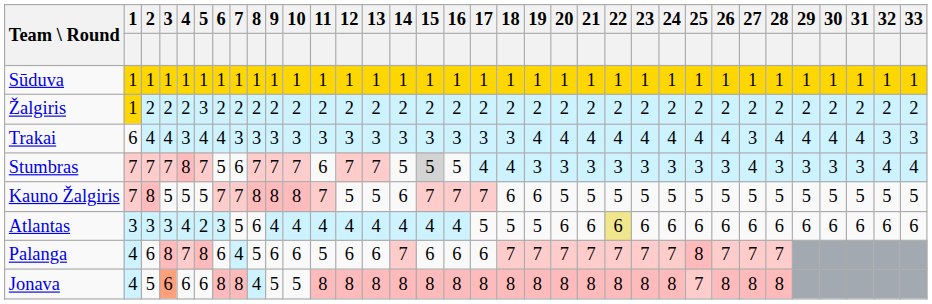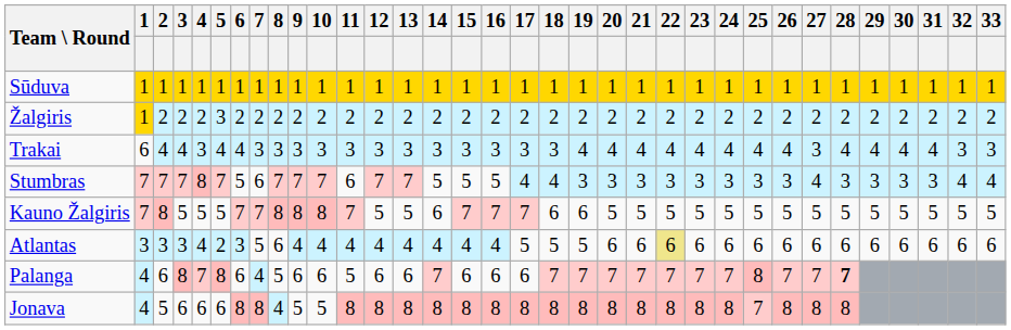 <table class="wikitable sortable" style="font-size: 100%; text-align:center;">
 <tr>
 <th rowspan="2">Team \ Round</th>
 <th align=center>1</th>
 <th align=center>2</th>
 <th align=center>3</th>
 <th align=center>4</th>
 <th align=center>5</th>
 <th align=center>6</th>
 <th align=center>7</th>
 <th align=center>8</th>
 <th align=center>9</th>
 <th align=center>10</th>
 <th align=center>11</th>
 <th align=center>12</th>
 <th align=center>13</th>
 <th align=center>14</th>
 <th align=center>15</th>
 <th align=center>16</th>
 <th align=center>17</th>
 <th align=center>18</th>
 <th align=center>19</th>
 <th align=center>20</th>
 <th align=center>21</th>
 <th align=center>22</th>
 <th align=center>23</th>
 <th align=center>24</th>
 <th align=center>25</th>
 <th align=center>26</th>
 <th align=center>27</th>
 <th align=center>28</th>
 <th align=center>29</th>
 <th align=center>30</th>
 <th align=center>31</th>
 <th align=center>32</th>
 <th align=center>33</th>
 </tr>
 <tr>
 <th style="text-align:center; height:20px;"></th>
 <th align=center></th>
 <th align=center></th>
 <th align=center></th>
 <th align=center></th>
 <th align=center></th>
 <th align=center></th>
 <th align=center></th>
 <th align=center></th>
 <th align=center></th>
 <th align=center></th>
 <th align=center></th>
 <th align=center></th>
 <th align=center></th>
 <th align=center></th>
 <th align=center></th>
 <th align=center></th>
 <th align=center></th>
 <th align=center></th>
 <th align=center></th>
 <th align=center></th>
 <th align=center></th>
 <th align=center></th>
 <th align=center></th>
 <th align=center></th>
 <th align=center></th>
 <th align=center></th>
 <th align=center></th>
 <th align=center></th>
 <th align=center></th>
 <th align=center></th>
 <th align=center></th>
 <th align=center></th>
 </tr>
 <tr align=center>
 <td align=left><a href='#'>Sūduva</a></td>
 <td style="background:gold">1</td>
 <td style="background:gold">1</td>
 <td style="background:gold">1</td>
 <td style="background:gold">1</td>
 <td style="background:gold">1</td>
 <td style="background:gold">1</td>
 <td style="background:gold">1</td>
 <td style="background:gold">1</td>
 <td style="background:gold">1</td>
 <td style="background:gold">1</td>
 <td style="background:gold">1</td>
 <td style="background:gold">1</td>
 <td style="background:gold">1</td>
 <td style="background:gold">1</td>
 <td style="background:gold">1</td>
 <td style="background:gold">1</td>
 <td style="background:gold">1</td>
 <td style="background:gold">1</td>
 <td style="background:gold">1</td>
 <td style="background:gold">1</td>
 <td style="background:gold">1</td>
 <td style="background:gold">1</td>
 <td style="background:gold">1</td>
 <td style="background:gold">1</td>
 <td style="background:gold">1</td>
 <td style="background:gold">1</td>
 <td style="background:gold">1</td>
 <td style="background:gold">1</td>
 <td style="background:gold">1</td>
 <td style="background:gold">1</td>
 <td style="background:gold">1</td>
 <td style="background:gold">1</td>
 <td style="background:gold">1</td>
 </tr>
 <tr align=center>
 <td align=left><a href='#'>Žalgiris</a></td>
 <td style="background:gold">1</td>
 <td style="background:#CCF3FF">2</td>
 <td style="background:#CCF3FF">2</td>
 <td style="background:#CCF3FF">2</td>
 <td style="background:#CCF3FF">3</td>
 <td style="background:#CCF3FF">2</td>
 <td style="background:#CCF3FF">2</td>
 <td style="background:#CCF3FF">2</td>
 <td style="background:#CCF3FF">2</td>
 <td style="background:#CCF3FF">2</td>
 <td style="background:#CCF3FF">2</td>
 <td style="background:#CCF3FF">2</td>
 <td style="background:#CCF3FF">2</td>
 <td style="background:#CCF3FF">2</td>
 <td style="background:#CCF3FF">2</td>
 <td style="background:#CCF3FF">2</td>
 <td style="background:#CCF3FF">2</td>
 <td style="background:#CCF3FF">2</td>
 <td style="background:#CCF3FF">2</td>
 <td style="background:#CCF3FF">2</td>
 <td style="background:#CCF3FF">2</td>
 <td style="background:#CCF3FF">2</td>
 <td style="background:#CCF3FF">2</td>
 <td style="background:#CCF3FF">2</td>
 <td style="background:#CCF3FF">2</td>
 <td style="background:#CCF3FF">2</td>
 <td style="background:#CCF3FF">2</td>
 <td style="background:#CCF3FF">2</td>
 <td style="background:#CCF3FF">2</td>
 <td style="background:#CCF3FF">2</td>
 <td style="background:#CCF3FF">2</td>
 <td style="background:#CCF3FF">2</td>
 <td style="background:#CCF3FF">2</td>
 </tr>
 <tr align=center>
 <td align=left><a href='#'>Trakai</a></td>
 <td>6</td>
 <td style="background:#CCF3FF">4</td>
 <td style="background:#CCF3FF">4</td>
 <td style="background:#CCF3FF">3</td>
 <td style="background:#CCF3FF">4</td>
 <td style="background:#CCF3FF">4</td>
 <td style="background:#CCF3FF">3</td>
 <td style="background:#CCF3FF">3</td>
 <td style="background:#CCF3FF">3</td>
 <td style="background:#CCF3FF">3</td>
 <td style="background:#CCF3FF">3</td>
 <td style="background:#CCF3FF">3</td>
 <td style="background:#CCF3FF">3</td>
 <td style="background:#CCF3FF">3</td>
 <td style="background:#CCF3FF">3</td>
 <td style="background:#CCF3FF">3</td>
 <td style="background:#CCF3FF">3</td>
 <td style="background:#CCF3FF">3</td>
 <td style="background:#CCF3FF">4</td>
 <td style="background:#CCF3FF">4</td>
 <td style="background:#CCF3FF">4</td>
 <td style="background:#CCF3FF">4</td>
 <td style="background:#CCF3FF">4</td>
 <td style="background:#CCF3FF">4</td>
 <td style="background:#CCF3FF">4</td>
 <td style="background:#CCF3FF">4</td>
 <td style="background:#CCF3FF">3</td>
 <td style="background:#CCF3FF">4</td>
 <td style="background:#CCF3FF">4</td>
 <td style="background:#CCF3FF">4</td>
 <td style="background:#CCF3FF">4</td>
 <td style="background:#CCF3FF">3</td>
 <td style="background:#CCF3FF">3</td>
 </tr>
 <tr align=center>
 <td align=left><a href='#'>Stumbras</a></td>
 <td style="background:#FFCCCC">7</td>
 <td style="background:#FFCCCC">7</td>
 <td style="background:#FFCCCC">7</td>
 <td style="background:#FFBBBB">8</td>
 <td style="background:#FFCCCC">7</td>
 <td>5</td>
 <td>6</td>
 <td style="background:#FFCCCC">7</td>
 <td style="background:#FFCCCC">7</td>
 <td style="background:#FFCCCC">7</td>
 <td>6</td>
 <td style="background:#FFCCCC">7</td>
 <td style="background:#FFCCCC">7</td>
 <td>5</td>
-<td style="background: lightgrey;">5</td>
+<td>5</td>
 <td>5</td>
 <td style="background:#CCF3FF">4</td>
 <td style="background:#CCF3FF">4</td>
 <td style="background:#CCF3FF">3</td>
 <td style="background:#CCF3FF">3</td>
 <td style="background:#CCF3FF">3</td>
 <td style="background:#CCF3FF">3</td>
 <td style="background:#CCF3FF">3</td>
 <td style="background:#CCF3FF">3</td>
 <td style="background:#CCF3FF">3</td>
 <td style="background:#CCF3FF">3</td>
 <td style="background:#CCF3FF">4</td>
 <td style="background:#CCF3FF">3</td>
 <td style="background:#CCF3FF">3</td>
 <td style="background:#CCF3FF">3</td>
 <td style="background:#CCF3FF">3</td>
 <td style="background:#CCF3FF">4</td>
 <td style="background:#CCF3FF">4</td>
 </tr>
 <tr align=center>
 <td align=left><a href='#'>Kauno Žalgiris</a></td>
 <td style="background:#FFCCCC">7</td>
 <td style="background:#FFBBBB">8</td>
 <td>5</td>
 <td>5</td>
 <td>5</td>
 <td style="background:#FFCCCC">7</td>
 <td style="background:#FFCCCC">7</td>
 <td style="background:#FFBBBB">8</td>
 <td style="background:#FFBBBB">8</td>
 <td style="background:#FFBBBB">8</td>
 <td style="background:#FFCCCC">7</td>
 <td>5</td>
 <td>5</td>
 <td>6</td>
 <td style="background:#FFCCCC">7</td>
 <td style="background:#FFCCCC">7</td>
 <td style="background:#FFCCCC">7</td>
 <td>6</td>
 <td>6</td>
 <td>5</td>
 <td>5</td>
 <td>5</td>
 <td>5</td>
 <td>5</td>
 <td>5</td>
 <td>5</td>
 <td>5</td>
 <td>5</td>
 <td>5</td>
 <td>5</td>
 <td>5</td>
 <td>5</td>
 <td>5</td>
 </tr>
 <tr align=center>
 <td align=left><a href='#'>Atlantas</a></td>
 <td style="background:#CCF3FF">3</td>
 <td style="background:#CCF3FF">3</td>
 <td style="background:#CCF3FF">3</td>
 <td style="background:#CCF3FF">4</td>
 <td style="background:#CCF3FF">2</td>
 <td style="background:#CCF3FF">3</td>
 <td>5</td>
 <td>6</td>
 <td style="background:#CCF3FF">4</td>
 <td style="background:#CCF3FF">4</td>
 <td style="background:#CCF3FF">4</td>
 <td style="background:#CCF3FF">4</td>
 <td style="background:#CCF3FF">4</td>
 <td style="background:#CCF3FF">4</td>
 <td style="background:#CCF3FF">4</td>
 <td style="background:#CCF3FF">4</td>
 <td>5</td>
 <td>5</td>
 <td>5</td>
 <td>6</td>
 <td>6</td>
 <td style="background: khaki;">6</td>
 <td>6</td>
 <td>6</td>
 <td>6</td>
 <td>6</td>
 <td>6</td>
 <td>6</td>
 <td>6</td>
 <td>6</td>
 <td>6</td>
 <td>6</td>
 <td>6</td>
 </tr>
 <tr align=center>
 <td align=left><a href='#'>Palanga</a></td>
 <td style="background:#CCF3FF">4</td>
 <td>6</td>
 <td style="background:#FFBBBB">8</td>
 <td style="background:#FFCCCC">7</td>
 <td style="background:#FFBBBB">8</td>
 <td>6</td>
 <td style="background:#CCF3FF">4</td>
 <td>5</td>
 <td>6</td>
 <td>6</td>
 <td>5</td>
 <td>6</td>
 <td>6</td>
 <td style="background:#FFCCCC">7</td>
 <td>6</td>
 <td>6</td>
 <td>6</td>
 <td style="background:#FFCCCC">7</td>
 <td style="background:#FFCCCC">7</td>
 <td style="background:#FFCCCC">7</td>
 <td style="background:#FFCCCC">7</td>
 <td style="background:#FFCCCC">7</td>
 <td style="background:#FFCCCC">7</td>
 <td style="background:#FFCCCC">7</td>
 <td style="background:#FFBBBB">8</td>
 <td style="background:#FFCCCC">7</td>
 <td style="background:#FFCCCC">7</td>
-<td style="background:#FFCCCC">7</td>
+<td style="background:#FFCCCC"><strong>7</strong></td>
 <td style="background:#A2A9B1"></td>
 <td style="background:#A2A9B1"></td>
 <td style="background:#A2A9B1"></td>
 <td style="background:#A2A9B1"></td>
 <td style="background:#A2A9B1"></td>
 </tr>
 <tr align=center>
 <td align=left><a href='#'>Jonava</a></td>
 <td style="background:#CCF3FF">4</td>
 <td>5</td>
-<td style="background: lightsalmon;">6</td>
+<td>6</td>
 <td>6</td>
 <td>6</td>
 <td style="background:#FFBBBB">8</td>
 <td style="background:#FFBBBB">8</td>
 <td style="background:#CCF3FF">4</td>
 <td>5</td>
 <td>5</td>
 <td style="background:#FFBBBB">8</td>
 <td style="background:#FFBBBB">8</td>
 <td style="background:#FFBBBB">8</td>
 <td style="background:#FFBBBB">8</td>
 <td style="background:#FFBBBB">8</td>
 <td style="background:#FFBBBB">8</td>
 <td style="background:#FFBBBB">8</td>
 <td style="background:#FFBBBB">8</td>
 <td style="background:#FFBBBB">8</td>
 <td style="background:#FFBBBB">8</td>
 <td style="background:#FFBBBB">8</td>
 <td style="background:#FFBBBB">8</td>
 <td style="background:#FFBBBB">8</td>
 <td style="background:#FFBBBB">8</td>
 <td style="background:#FFCCCC">7</td>
 <td style="background:#FFBBBB">8</td>
 <td style="background:#FFBBBB">8</td>
 <td style="background:#FFBBBB">8</td>
 <td style="background:#A2A9B1"></td>
 <td style="background:#A2A9B1"></td>
 <td style="background:#A2A9B1"></td>
 <td style="background:#A2A9B1"></td>
 <td style="background:#A2A9B1"></td>
 </tr>
 </table>
